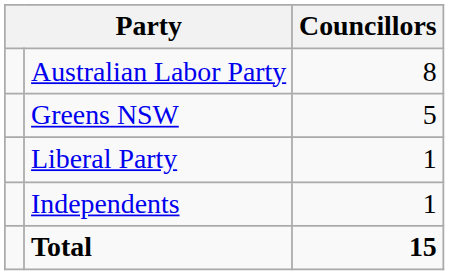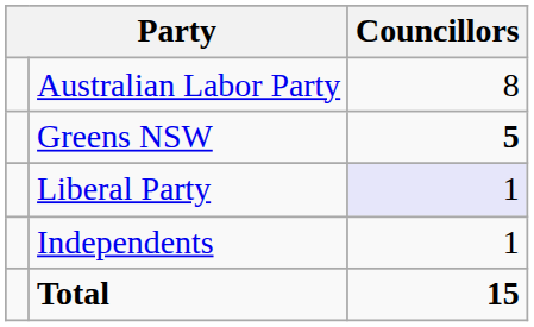 <table class="wikitable">
 <tr>
 <th colspan="2">Party</th>
 <th>Councillors</th>
 </tr>
 <tr>
 <td> </td>
 <td><a href='#'>Australian Labor Party</a></td>
 <td align=right>8</td>
 </tr>
 <tr>
 <td> </td>
 <td><a href='#'>Greens NSW</a></td>
-<td align=right>5</td>
+<td align=right><strong>5</strong></td>
 </tr>
 <tr>
 <td> </td>
 <td><a href='#'>Liberal Party</a></td>
-<td align=right>1</td>
+<td align=right style="background: lavender;">1</td>
 </tr>
 <tr>
 <td> </td>
 <td><a href='#'>Independents</a></td>
 <td align=right>1</td>
 </tr>
 <tr>
 <td></td>
 <td><strong>Total</strong></td>
 <td align=right><strong>15</strong></td>
 </tr>
 </table>
